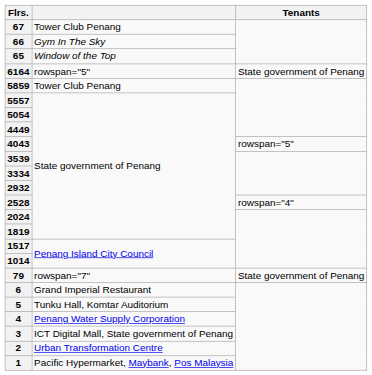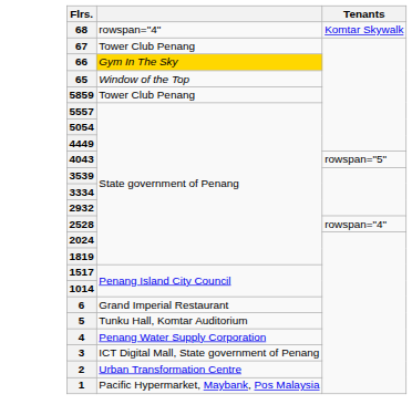 <table class="wikitable" border="1" style="line-height:1em; font-size:90%; float:right; margin:10px">
 <tr>
 <th>Flrs.</th>
 <th></th>
 <th>Tenants</th>
 </tr>
 <tr>
+<th>68</th>
+<td>rowspan="4" </td>
+<td><a href='#'>Komtar Skywalk</a></td>
+</tr>
+<tr>
 <th>67</th>
 <td>Tower Club Penang</td>
 </tr>
 <tr>
 <th>66</th>
-<td><em>Gym In The Sky</em></td>
+<td style="background: gold;"><em>Gym In The Sky</em></td>
 </tr>
 <tr>
 <th>65</th>
 <td><em>Window of the Top</em></td>
-</tr>
-<tr>
-<th>6164</th>
-<td>rowspan="5" </td>
-<td>State government of Penang</td>
 </tr>
 <tr>
 <th>5859</th>
 <td>Tower Club Penang</td>
 </tr>
 <tr>
 <th>5557</th>
 <td rowspan="10">State government of Penang</td>
 </tr>
 <tr>
 <th>5054</th>
 </tr>
 <tr>
 <th>4449</th>
 </tr>
 <tr>
 <th>4043</th>
 <td>rowspan="5" </td>
 </tr>
 <tr>
 <th>3539</th>
 </tr>
 <tr>
 <th>3334</th>
 </tr>
 <tr>
 <th>2932</th>
 </tr>
 <tr>
 <th>2528</th>
 <td>rowspan="4" </td>
 </tr>
 <tr>
 <th>2024</th>
 </tr>
 <tr>
 <th>1819</th>
 </tr>
 <tr>
 <th>1517</th>
 <td rowspan="2"><a href='#'>Penang Island City Council</a></td>
 </tr>
 <tr>
 <th>1014</th>
 </tr>
 <tr>
-<th>79</th>
-<td>rowspan="7" </td>
-<td>State government of Penang</td>
-</tr>
-<tr>
 <th>6</th>
 <td>Grand Imperial Restaurant</td>
 </tr>
 <tr>
 <th>5</th>
 <td>Tunku Hall, Komtar Auditorium</td>
 </tr>
 <tr>
 <th>4</th>
 <td><a href='#'>Penang Water Supply Corporation</a></td>
 </tr>
 <tr>
 <th>3</th>
 <td>ICT Digital Mall, State government of Penang</td>
 </tr>
 <tr>
 <th>2</th>
 <td><a href='#'>Urban Transformation Centre</a></td>
 </tr>
 <tr>
 <th>1</th>
 <td>Pacific Hypermarket, <a href='#'>Maybank</a>, <a href='#'>Pos Malaysia</a></td>
 </tr>
 </table>
